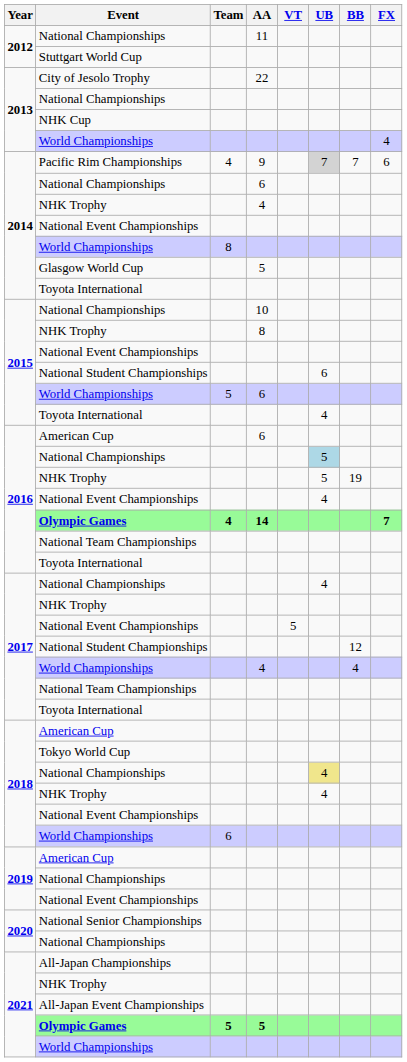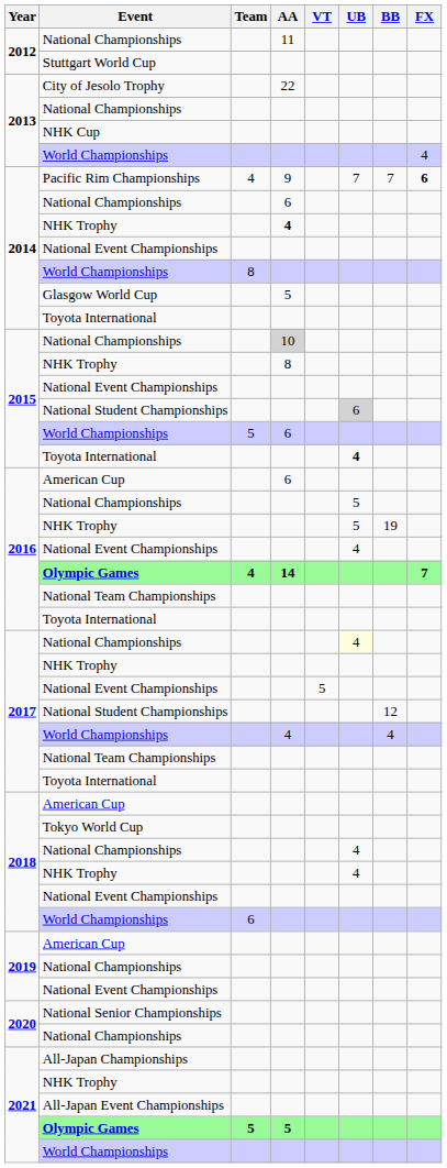 <table class="wikitable" style="text-align:center; font-size:95%;">
 <tr>
 <th align=center>Year</th>
 <th align=center>Event</th>
 <th style="width:30px;">Team</th>
 <th style="width:30px;">AA</th>
 <th style="width:30px;"><a href='#'>VT</a></th>
 <th style="width:30px;"><a href='#'>UB</a></th>
 <th style="width:30px;"><a href='#'>BB</a></th>
 <th style="width:30px;"><a href='#'>FX</a></th>
 </tr>
 <tr>
 <td rowspan="2"><strong>2012</strong></td>
 <td align=left>National Championships</td>
 <td></td>
 <td>11</td>
 <td></td>
 <td></td>
 <td></td>
 <td></td>
 </tr>
 <tr>
 <td align=left>Stuttgart World Cup</td>
 <td></td>
 <td></td>
 <td></td>
 <td></td>
 <td></td>
 <td></td>
 </tr>
 <tr>
 <td rowspan="4"><strong>2013</strong></td>
 <td align=left>City of Jesolo Trophy</td>
 <td></td>
 <td>22</td>
 <td></td>
 <td></td>
 <td></td>
 <td></td>
 </tr>
 <tr>
 <td align=left>National Championships</td>
 <td></td>
 <td></td>
 <td></td>
 <td></td>
 <td></td>
 <td></td>
 </tr>
 <tr>
 <td align=left>NHK Cup</td>
 <td></td>
 <td></td>
 <td></td>
 <td></td>
 <td></td>
 <td></td>
 </tr>
 <tr style="background:#ccf;">
 <td align=left><a href='#'>World Championships</a></td>
 <td></td>
 <td></td>
 <td></td>
 <td></td>
 <td></td>
 <td>4</td>
 </tr>
 <tr>
 <td rowspan="7"><strong>2014</strong></td>
 <td align=left>Pacific Rim Championships</td>
 <td>4</td>
 <td>9</td>
 <td></td>
-<td style="background: lightgrey;">7</td>
 <td>7</td>
-<td>6</td>
+<td>7</td>
+<td><strong>6</strong></td>
 </tr>
 <tr>
 <td align=left>National Championships</td>
 <td></td>
 <td>6</td>
 <td></td>
 <td></td>
 <td></td>
 <td></td>
 </tr>
 <tr>
 <td align=left>NHK Trophy</td>
 <td></td>
-<td>4</td>
+<td><strong>4</strong></td>
 <td></td>
 <td></td>
 <td></td>
 <td></td>
 </tr>
 <tr>
 <td align=left>National Event Championships</td>
 <td></td>
 <td></td>
 <td></td>
 <td></td>
 <td></td>
 <td></td>
 </tr>
 <tr style="background:#ccf;">
 <td align=left><a href='#'>World Championships</a></td>
 <td>8</td>
 <td></td>
 <td></td>
 <td></td>
 <td></td>
 <td></td>
 </tr>
 <tr>
 <td align=left>Glasgow World Cup</td>
 <td></td>
 <td>5</td>
 <td></td>
 <td></td>
 <td></td>
 <td></td>
 </tr>
 <tr>
 <td align=left>Toyota International</td>
 <td></td>
 <td></td>
 <td></td>
 <td></td>
 <td></td>
 <td></td>
 </tr>
 <tr>
 <td rowspan="6"><strong><a href='#'>2015</a></strong></td>
 <td align=left>National Championships</td>
 <td></td>
-<td>10</td>
+<td style="background: lightgrey;">10</td>
 <td></td>
 <td></td>
 <td></td>
 <td></td>
 </tr>
 <tr>
 <td align=left>NHK Trophy</td>
 <td></td>
 <td>8</td>
 <td></td>
 <td></td>
 <td></td>
 <td></td>
 </tr>
 <tr>
 <td align=left>National Event Championships</td>
 <td></td>
 <td></td>
 <td></td>
 <td></td>
 <td></td>
 <td></td>
 </tr>
 <tr>
 <td align=left>National Student Championships</td>
 <td></td>
 <td></td>
 <td></td>
-<td>6</td>
+<td style="background: lightgrey;">6</td>
 <td></td>
 <td></td>
 </tr>
 <tr style="background:#ccf;">
 <td align=left><a href='#'>World Championships</a></td>
 <td>5</td>
 <td>6</td>
 <td></td>
 <td></td>
 <td></td>
 <td></td>
 </tr>
 <tr>
 <td align=left>Toyota International</td>
 <td></td>
 <td></td>
 <td></td>
-<td>4</td>
+<td><strong>4</strong></td>
 <td></td>
 <td></td>
 </tr>
 <tr>
 <td rowspan="7"><strong><a href='#'>2016</a></strong></td>
 <td align=left>American Cup</td>
 <td></td>
 <td>6</td>
 <td></td>
 <td></td>
 <td></td>
 <td></td>
 </tr>
 <tr>
 <td align=left>National Championships</td>
 <td></td>
 <td></td>
 <td></td>
-<td style="background: lightblue;">5</td>
+<td>5</td>
 <td></td>
 <td></td>
 </tr>
 <tr>
 <td align=left>NHK Trophy</td>
 <td></td>
 <td></td>
 <td></td>
 <td>5</td>
 <td>19</td>
 <td></td>
 </tr>
 <tr>
 <td align=left>National Event Championships</td>
 <td></td>
 <td></td>
 <td></td>
 <td>4</td>
 <td></td>
 <td></td>
 </tr>
 <tr style="background:#98fb98;">
 <td align=left><strong><a href='#'>Olympic Games</a></strong></td>
 <td><strong>4</strong></td>
 <td><strong>14</strong></td>
 <td></td>
 <td></td>
 <td></td>
 <td><strong>7</strong></td>
 </tr>
 <tr>
 <td align=left>National Team Championships</td>
 <td></td>
 <td></td>
 <td></td>
 <td></td>
 <td></td>
 <td></td>
 </tr>
 <tr>
 <td align=left>Toyota International</td>
 <td></td>
 <td></td>
 <td></td>
 <td></td>
 <td></td>
 <td></td>
 </tr>
 <tr>
 <td rowspan="7"><strong><a href='#'>2017</a></strong></td>
 <td align=left>National Championships</td>
 <td></td>
 <td></td>
 <td></td>
-<td>4</td>
+<td style="background: lightyellow;">4</td>
 <td></td>
 <td></td>
 </tr>
 <tr>
 <td align=left>NHK Trophy</td>
 <td></td>
 <td></td>
 <td></td>
 <td></td>
 <td></td>
 <td></td>
 </tr>
 <tr>
 <td align=left>National Event Championships</td>
 <td></td>
 <td></td>
 <td>5</td>
 <td></td>
 <td></td>
 <td></td>
 </tr>
 <tr>
 <td align=left>National Student Championships</td>
 <td></td>
 <td></td>
 <td></td>
 <td></td>
 <td>12</td>
 <td></td>
 </tr>
 <tr style="background:#ccf;">
 <td align=left><a href='#'>World Championships</a></td>
 <td></td>
 <td>4</td>
 <td></td>
 <td></td>
 <td>4</td>
 <td></td>
 </tr>
 <tr>
 <td align=left>National Team Championships</td>
 <td></td>
 <td></td>
 <td></td>
 <td></td>
 <td></td>
 <td></td>
 </tr>
 <tr>
 <td align=left>Toyota International</td>
 <td></td>
 <td></td>
 <td></td>
 <td></td>
 <td></td>
 <td></td>
 </tr>
 <tr>
 <td rowspan="6"><strong><a href='#'>2018</a></strong></td>
 <td align=left><a href='#'>American Cup</a></td>
 <td></td>
 <td></td>
 <td></td>
 <td></td>
 <td></td>
 <td></td>
 </tr>
 <tr>
 <td align=left>Tokyo World Cup</td>
 <td></td>
 <td></td>
 <td></td>
 <td></td>
 <td></td>
 <td></td>
 </tr>
 <tr>
 <td align=left>National Championships</td>
 <td></td>
 <td></td>
 <td></td>
-<td style="background: khaki;">4</td>
+<td>4</td>
 <td></td>
 <td></td>
 </tr>
 <tr>
 <td align=left>NHK Trophy</td>
 <td></td>
 <td></td>
 <td></td>
 <td>4</td>
 <td></td>
 <td></td>
 </tr>
 <tr>
 <td align=left>National Event Championships</td>
 <td></td>
 <td></td>
 <td></td>
 <td></td>
 <td></td>
 <td></td>
 </tr>
 <tr bgcolor=#CCCCFF>
 <td align=left><a href='#'>World Championships</a></td>
 <td>6</td>
 <td></td>
 <td></td>
 <td></td>
 <td></td>
 <td></td>
 </tr>
 <tr>
 <td rowspan="3"><strong><a href='#'>2019</a></strong></td>
 <td align=left><a href='#'>American Cup</a></td>
 <td></td>
 <td></td>
 <td></td>
 <td></td>
 <td></td>
 <td></td>
 </tr>
 <tr>
 <td align=left>National Championships</td>
 <td></td>
 <td></td>
 <td></td>
 <td></td>
 <td></td>
 <td></td>
 </tr>
 <tr>
 <td align=left>National Event Championships</td>
 <td></td>
 <td></td>
 <td></td>
 <td></td>
 <td></td>
 <td></td>
 </tr>
 <tr>
 <td rowspan="2"><strong><a href='#'>2020</a></strong></td>
 <td align=left>National Senior Championships</td>
 <td></td>
 <td></td>
 <td></td>
 <td></td>
 <td></td>
 <td></td>
 </tr>
 <tr>
 <td align=left>National Championships</td>
 <td></td>
 <td></td>
 <td></td>
 <td></td>
 <td></td>
 <td></td>
 </tr>
 <tr>
 <td rowspan="5"><strong><a href='#'>2021</a></strong></td>
 <td align=left>All-Japan Championships</td>
 <td></td>
 <td></td>
 <td></td>
 <td></td>
 <td></td>
 <td></td>
 </tr>
 <tr>
 <td align=left>NHK Trophy</td>
 <td></td>
 <td></td>
 <td></td>
 <td></td>
 <td></td>
 <td></td>
 </tr>
 <tr>
 <td align=left>All-Japan Event Championships</td>
 <td></td>
 <td></td>
 <td></td>
 <td></td>
 <td></td>
 <td></td>
 </tr>
 <tr bgcolor=98FB98>
 <td align=left><strong><a href='#'>Olympic Games</a></strong></td>
 <td><strong>5</strong></td>
 <td><strong>5</strong></td>
 <td></td>
 <td></td>
 <td></td>
 <td></td>
 </tr>
 <tr bgcolor=#CCCCFF>
 <td align=left><a href='#'>World Championships</a></td>
 <td></td>
 <td></td>
 <td></td>
 <td></td>
 <td></td>
 <td></td>
 </tr>
 </table>
